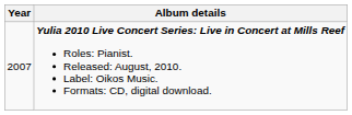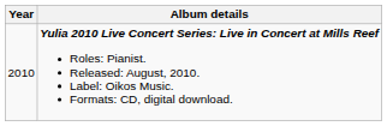 <table class="wikitable" style="text-align:center;">
 <tr>
 <th>Year</th>
 <th>Album details</th>
 </tr>
 <tr>
-<td>2007</td>
+<td>2010</td>
 <td align="left"><strong><em>Yulia 2010 Live Concert Series: Live in Concert at Mills Reef</em></strong><br><ul><li>Roles: Pianist.</li><li>Released: August, 2010.</li><li>Label: Oikos Music.</li><li>Formats: CD, digital download.</li></ul></td>
 </tr>
 </table>
